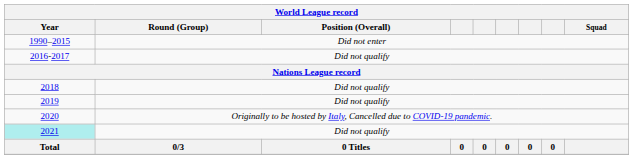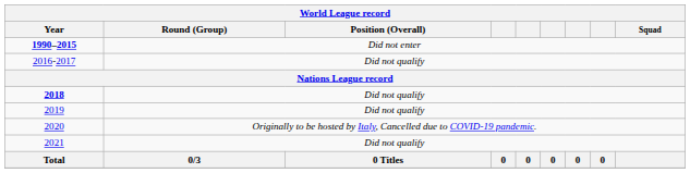 <table class="wikitable" width=50% style="text-align: center;font-size:90%;">
 <tr>
 <th colspan=9><a href='#'>World League record</a></th>
 </tr>
 <tr>
 <th>Year</th>
 <th>Round (Group)</th>
 <th>Position (Overall)</th>
 <th></th>
 <th></th>
 <th></th>
 <th></th>
 <th></th>
 <th><small>Squad</small></th>
 </tr>
 <tr>
-<td><a href='#'>1990</a>–<a href='#'>2015</a></td>
+<td><strong><a href='#'>1990</a>–<a href='#'>2015</a></strong></td>
 <td colspan=8 align=center><em>Did not enter</em></td>
 </tr>
 <tr>
 <td><a href='#'>2016</a>-<a href='#'>2017</a></td>
 <td colspan=8 align=center><em>Did not qualify</em></td>
 </tr>
 <tr>
 <th colspan=9><a href='#'>Nations League record</a></th>
 </tr>
 <tr>
-<td> <a href='#'>2018</a></td>
+<td><strong> <a href='#'>2018</a></strong></td>
 <td colspan=8 align=center><em>Did not qualify</em></td>
 </tr>
 <tr>
 <td> <a href='#'>2019</a></td>
 <td colspan=8 align=center><em>Did not qualify</em></td>
 </tr>
 <tr>
 <td> <a href='#'>2020</a></td>
 <td colspan="8"><em>Originally to be hosted by <a href='#'>Italy</a>, Cancelled due to <a href='#'>COVID-19 pandemic</a>.</em></td>
 </tr>
 <tr>
-<td style="background: paleturquoise;"> <a href='#'>2021</a></td>
+<td> <a href='#'>2021</a></td>
 <td colspan=8 align=center><em>Did not qualify</em></td>
 </tr>
 <tr>
 <th>Total</th>
 <th>0/3</th>
 <th>0 Titles</th>
 <th>0</th>
 <th>0</th>
 <th>0</th>
 <th>0</th>
 <th>0</th>
 <th></th>
 </tr>
 <tr>
 </tr>
 </table>
